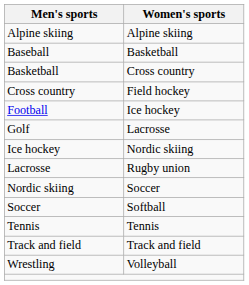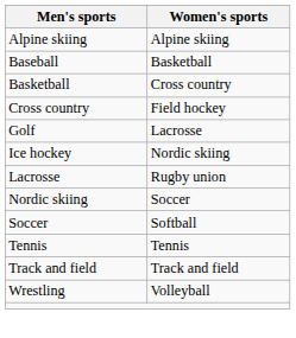 <table class="wikitable"; style= "text-align: ">
 <tr>
 <th width=150px>Men's sports</th>
 <th width=150px>Women's sports</th>
 </tr>
 <tr>
 <td>Alpine skiing</td>
 <td>Alpine skiing</td>
 </tr>
 <tr>
 <td>Baseball</td>
 <td>Basketball</td>
 </tr>
 <tr>
 <td>Basketball</td>
 <td>Cross country</td>
 </tr>
 <tr>
 <td>Cross country</td>
 <td>Field hockey</td>
-</tr>
-<tr>
-<td><a href='#'>Football</a></td>
-<td>Ice hockey</td>
 </tr>
 <tr>
 <td>Golf</td>
 <td>Lacrosse</td>
 </tr>
 <tr>
 <td>Ice hockey</td>
 <td>Nordic skiing</td>
 </tr>
 <tr>
 <td>Lacrosse</td>
 <td>Rugby union</td>
 </tr>
 <tr>
 <td>Nordic skiing</td>
 <td>Soccer</td>
 </tr>
 <tr>
 <td>Soccer</td>
 <td>Softball</td>
 </tr>
 <tr>
 <td>Tennis</td>
 <td>Tennis</td>
 </tr>
 <tr>
 <td>Track and field</td>
 <td>Track and field</td>
 </tr>
 <tr>
 <td>Wrestling</td>
 <td>Volleyball</td>
 </tr>
 <tr>
 <td colspan=2></td>
 </tr>
 </table>
